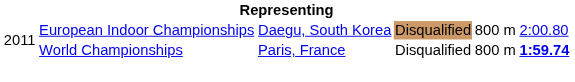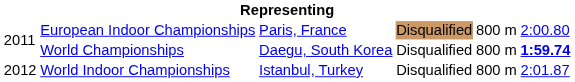 <table>
 <tr>
 <th colspan="6">Representing </th>
 </tr>
 <tr>
 <td rowspan=2>2011</td>
 <td><a href='#'>European Indoor Championships</a></td>
-<td><a href='#'>Daegu, South Korea</a></td>
+<td><a href='#'>Paris, France</a></td>
 <td bgcolor="CC9966">Disqualified</td>
 <td>800 m</td>
 <td><a href='#'>2:00.80</a></td>
 </tr>
 <tr>
 <td><a href='#'>World Championships</a></td>
-<td><a href='#'>Paris, France</a></td>
+<td><a href='#'>Daegu, South Korea</a></td>
 <td>Disqualified</td>
 <td>800 m</td>
 <td><strong><a href='#'>1:59.74</a></strong></td>
 </tr>
+<tr>
+<td>2012</td>
+<td><a href='#'>World Indoor Championships</a></td>
+<td><a href='#'>Istanbul, Turkey</a></td>
+<td>Disqualified</td>
+<td>800 m</td>
+<td><a href='#'>2:01.87</a></td>
+</tr>
 </table>
